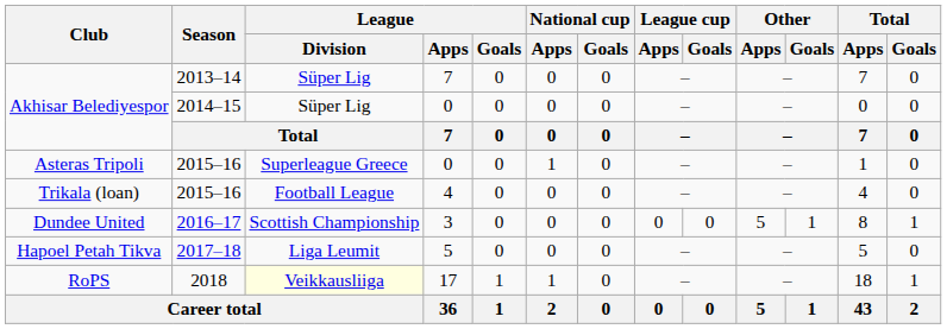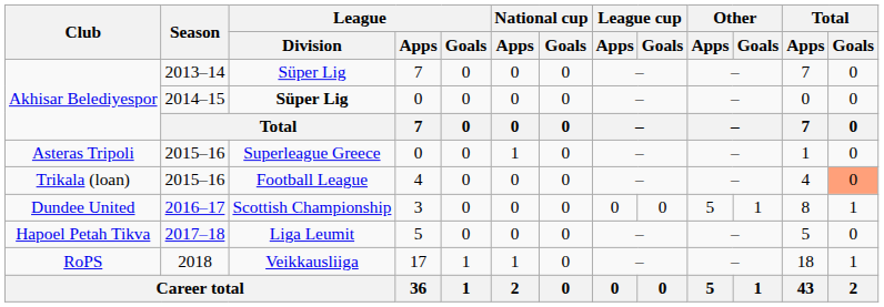 <table class="wikitable" style="text-align:center">
 <tr>
 <th rowspan="2">Club</th>
 <th rowspan="2">Season</th>
 <th colspan="3">League</th>
 <th colspan="2">National cup</th>
 <th colspan="2">League cup</th>
 <th colspan="2">Other</th>
 <th colspan="2">Total</th>
 </tr>
 <tr>
 <th>Division</th>
 <th>Apps</th>
 <th>Goals</th>
 <th>Apps</th>
 <th>Goals</th>
 <th>Apps</th>
 <th>Goals</th>
 <th>Apps</th>
 <th>Goals</th>
 <th>Apps</th>
 <th>Goals</th>
 </tr>
 <tr>
 <td rowspan="3"><a href='#'>Akhisar Belediyespor</a></td>
 <td>2013–14</td>
 <td><a href='#'>Süper Lig</a></td>
 <td>7</td>
 <td>0</td>
 <td>0</td>
 <td>0</td>
 <td colspan="2">–</td>
 <td colspan="2">–</td>
 <td>7</td>
 <td>0</td>
 </tr>
 <tr>
 <td>2014–15</td>
-<td>Süper Lig</td>
+<td><strong>Süper Lig</strong></td>
 <td>0</td>
 <td>0</td>
 <td>0</td>
 <td>0</td>
 <td colspan="2">–</td>
 <td colspan="2">–</td>
 <td>0</td>
 <td>0</td>
 </tr>
 <tr>
 <th colspan="2">Total</th>
 <th>7</th>
 <th>0</th>
 <th>0</th>
 <th>0</th>
 <th colspan="2">–</th>
 <th colspan="2">–</th>
 <th>7</th>
 <th>0</th>
 </tr>
 <tr>
 <td><a href='#'>Asteras Tripoli</a></td>
 <td>2015–16</td>
 <td><a href='#'>Superleague Greece</a></td>
 <td>0</td>
 <td>0</td>
 <td>1</td>
 <td>0</td>
 <td colspan="2">–</td>
 <td colspan="2">–</td>
 <td>1</td>
 <td>0</td>
 </tr>
 <tr>
 <td><a href='#'>Trikala</a> (loan)</td>
 <td>2015–16</td>
 <td><a href='#'>Football League</a></td>
 <td>4</td>
 <td>0</td>
 <td>0</td>
 <td>0</td>
 <td colspan="2">–</td>
 <td colspan="2">–</td>
 <td>4</td>
-<td>0</td>
+<td style="background: lightsalmon;">0</td>
 </tr>
 <tr>
 <td><a href='#'>Dundee United</a></td>
 <td><a href='#'>2016–17</a></td>
 <td><a href='#'>Scottish Championship</a></td>
 <td>3</td>
 <td>0</td>
 <td>0</td>
 <td>0</td>
 <td>0</td>
 <td>0</td>
 <td>5</td>
 <td>1</td>
 <td>8</td>
 <td>1</td>
 </tr>
 <tr>
 <td><a href='#'>Hapoel Petah Tikva</a></td>
 <td><a href='#'>2017–18</a></td>
 <td><a href='#'>Liga Leumit</a></td>
 <td>5</td>
 <td>0</td>
 <td>0</td>
 <td>0</td>
 <td colspan="2">–</td>
 <td colspan="2">–</td>
 <td>5</td>
 <td>0</td>
 </tr>
 <tr>
 <td><a href='#'>RoPS</a></td>
 <td>2018</td>
-<td style="background: lightyellow;"><a href='#'>Veikkausliiga</a></td>
+<td><a href='#'>Veikkausliiga</a></td>
 <td>17</td>
 <td>1</td>
 <td>1</td>
 <td>0</td>
 <td colspan="2">–</td>
 <td colspan="2">–</td>
 <td>18</td>
 <td>1</td>
 </tr>
 <tr>
 <th colspan="3">Career total</th>
 <th>36</th>
 <th>1</th>
 <th>2</th>
 <th>0</th>
 <th>0</th>
 <th>0</th>
 <th>5</th>
 <th>1</th>
 <th>43</th>
 <th>2</th>
 </tr>
 </table>
